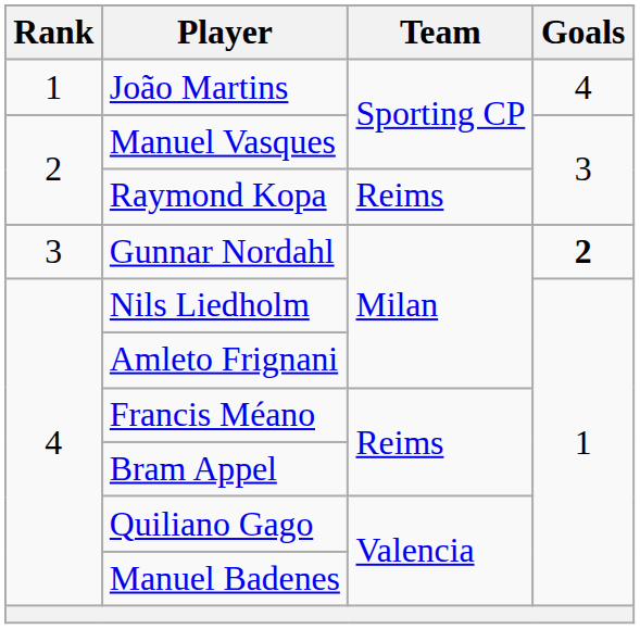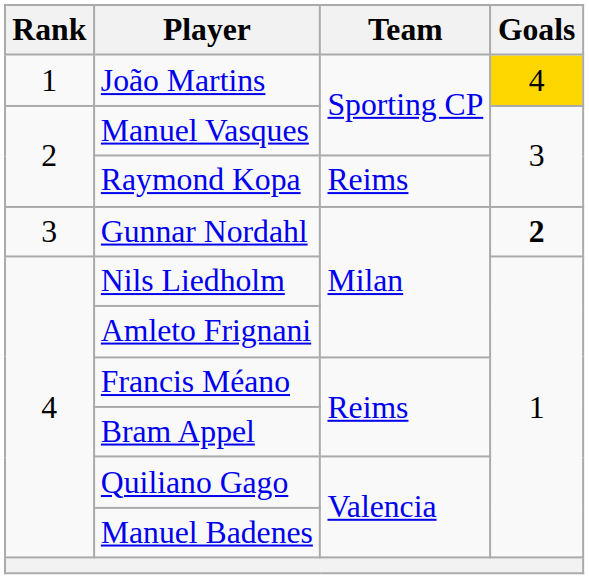 <table class="wikitable" style="text-align:center">
 <tr>
 <th>Rank</th>
 <th>Player</th>
 <th>Team</th>
 <th>Goals</th>
 </tr>
 <tr>
 <td>1</td>
 <td align="left"> <a href='#'>João Martins</a></td>
 <td align="left" rowspan="2"> <a href='#'>Sporting CP</a></td>
-<td>4</td>
+<td style="background: gold;">4</td>
 </tr>
 <tr>
 <td rowspan="2">2</td>
 <td align="left"> <a href='#'>Manuel Vasques</a></td>
 <td rowspan="2">3</td>
 </tr>
 <tr>
 <td align="left"> <a href='#'>Raymond Kopa</a></td>
 <td align="left"> <a href='#'>Reims</a></td>
 </tr>
 <tr>
 <td>3</td>
 <td align="left"> <a href='#'>Gunnar Nordahl</a></td>
 <td align="left" rowspan="3"> <a href='#'>Milan</a></td>
 <td><strong>2</strong></td>
 </tr>
 <tr>
 <td rowspan="6">4</td>
 <td align="left"> <a href='#'>Nils Liedholm</a></td>
 <td rowspan="6">1</td>
 </tr>
 <tr>
 <td align="left"> <a href='#'>Amleto Frignani</a></td>
 </tr>
 <tr>
 <td align="left"> <a href='#'>Francis Méano</a></td>
 <td align="left" rowspan="2"> <a href='#'>Reims</a></td>
 </tr>
 <tr>
 <td align="left"> <a href='#'>Bram Appel</a></td>
 </tr>
 <tr>
 <td align="left"> <a href='#'>Quiliano Gago</a></td>
 <td align="left" rowspan="2"> <a href='#'>Valencia</a></td>
 </tr>
 <tr>
 <td align="left"> <a href='#'>Manuel Badenes</a></td>
 </tr>
 <tr>
 <th colspan="4"> </th>
 </tr>
 </table>
